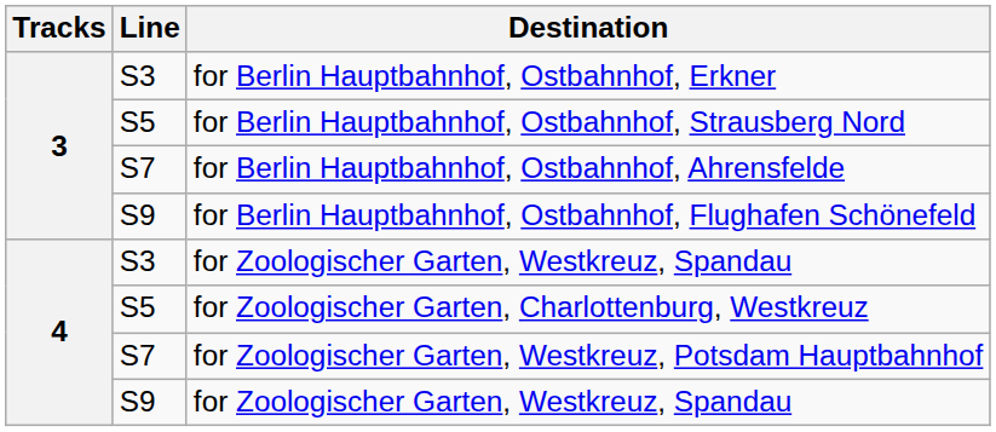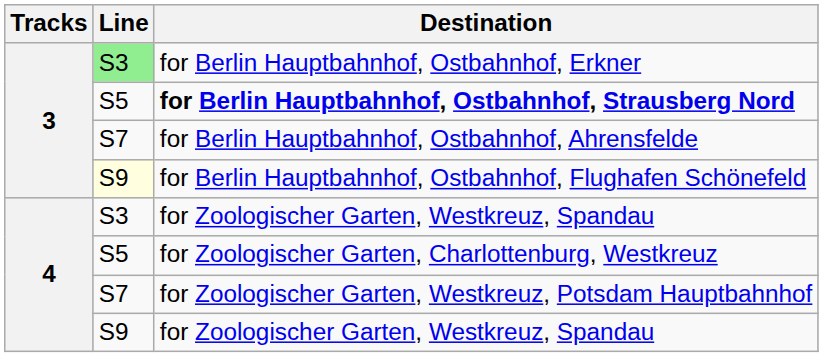 <table class="wikitable" rules="all" style="border:1px solid #999;">
 <tr>
 <th>Tracks</th>
 <th>Line</th>
 <th>Destination</th>
 </tr>
 <tr>
 <th rowspan="4">3</th>
-<td>S3</td>
+<td style="background: lightgreen;">S3</td>
 <td>for <a href='#'>Berlin Hauptbahnhof</a>, <a href='#'>Ostbahnhof</a>, <a href='#'>Erkner</a></td>
 </tr>
 <tr>
 <td>S5</td>
-<td>for <a href='#'>Berlin Hauptbahnhof</a>, <a href='#'>Ostbahnhof</a>, <a href='#'>Strausberg Nord</a></td>
+<td><strong>for <a href='#'>Berlin Hauptbahnhof</a>, <a href='#'>Ostbahnhof</a>, <a href='#'>Strausberg Nord</a></strong></td>
 </tr>
 <tr>
 <td>S7</td>
 <td>for <a href='#'>Berlin Hauptbahnhof</a>, <a href='#'>Ostbahnhof</a>, <a href='#'>Ahrensfelde</a></td>
 </tr>
 <tr>
-<td>S9</td>
+<td style="background: lightyellow;">S9</td>
 <td>for <a href='#'>Berlin Hauptbahnhof</a>, <a href='#'>Ostbahnhof</a>, <a href='#'>Flughafen Schönefeld</a></td>
 </tr>
 <tr>
 <th rowspan="4">4</th>
 <td>S3</td>
 <td>for <a href='#'>Zoologischer Garten</a>, <a href='#'>Westkreuz</a>, <a href='#'>Spandau</a></td>
 </tr>
 <tr>
 <td>S5</td>
 <td>for <a href='#'>Zoologischer Garten</a>, <a href='#'>Charlottenburg</a>, <a href='#'>Westkreuz</a></td>
 </tr>
 <tr>
 <td>S7</td>
 <td>for <a href='#'>Zoologischer Garten</a>, <a href='#'>Westkreuz</a>, <a href='#'>Potsdam Hauptbahnhof</a></td>
 </tr>
 <tr>
 <td>S9</td>
 <td>for <a href='#'>Zoologischer Garten</a>, <a href='#'>Westkreuz</a>, <a href='#'>Spandau</a></td>
 </tr>
 </table>
